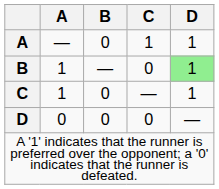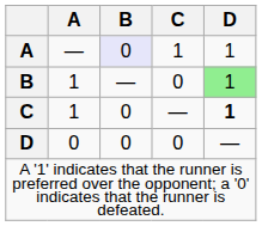 <table class="wikitable" style="width:13em;margin:auto;text-align:center">
 <tr>
 <th></th>
 <th>A</th>
 <th>B</th>
 <th>C</th>
 <th>D</th>
 </tr>
 <tr>
 <th>A</th>
 <td>—</td>
-<td>0</td>
+<td style="background: lavender;">0</td>
 <td>1</td>
 <td>1</td>
 </tr>
 <tr>
 <th>B</th>
 <td>1</td>
 <td>—</td>
 <td>0</td>
 <td style="background: lightgreen;">1</td>
 </tr>
 <tr>
 <th>C</th>
 <td>1</td>
 <td>0</td>
 <td>—</td>
-<td>1</td>
+<td><strong>1</strong></td>
 </tr>
 <tr>
 <th>D</th>
 <td>0</td>
 <td>0</td>
 <td>0</td>
 <td>—</td>
 </tr>
 <tr>
 <td colspan=6 style="line-height: 10px;"><small>A '1' indicates that the runner is preferred over the opponent; a '0' indicates that the runner is defeated.</small></td>
 </tr>
 </table>
